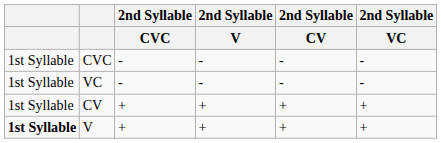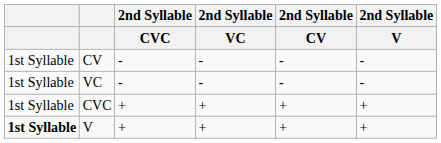 <table class="wikitable">
 <tr>
 <th></th>
 <th></th>
 <th>2nd Syllable</th>
 <th>2nd Syllable</th>
 <th>2nd Syllable</th>
 <th>2nd Syllable</th>
 </tr>
 <tr>
 <th></th>
 <th></th>
 <th>CVC</th>
+<th>VC</th>
+<th>CV</th>
 <th>V</th>
-<th>CV</th>
-<th>VC</th>
 </tr>
 <tr>
 <td>1st Syllable</td>
-<td>CVC</td>
+<td>CV</td>
 <td>-</td>
 <td>-</td>
 <td>-</td>
 <td>-</td>
 </tr>
 <tr>
 <td>1st Syllable</td>
 <td>VC</td>
 <td>-</td>
 <td>-</td>
 <td>-</td>
 <td>-</td>
 </tr>
 <tr>
 <td>1st Syllable</td>
-<td>CV</td>
+<td>CVC</td>
 <td>+</td>
 <td>+</td>
 <td>+</td>
 <td>+</td>
 </tr>
 <tr>
 <td><strong>1st Syllable</strong></td>
 <td>V</td>
 <td>+</td>
 <td>+</td>
 <td>+</td>
 <td>+</td>
 </tr>
 </table>
